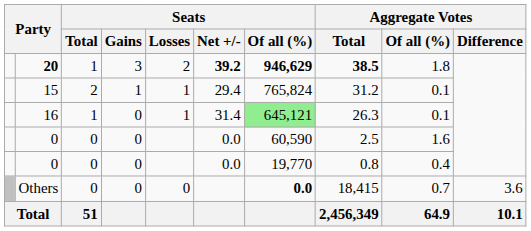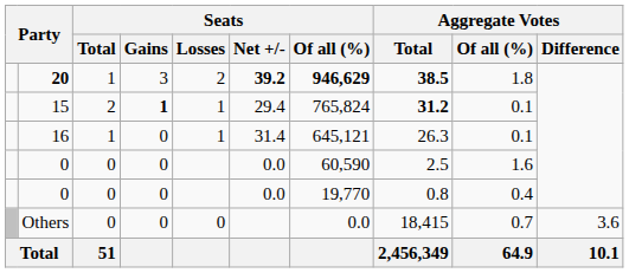 <table class="wikitable sortable" style="text-align:right; font-size:95%;">
 <tr>
 <th colspan="2" rowspan="2">Party</th>
 <th colspan="5">Seats</th>
 <th colspan="3">Aggregate Votes</th>
 </tr>
 <tr>
 <th>Total</th>
 <th>Gains</th>
 <th>Losses</th>
 <th>Net +/-</th>
 <th>Of all (%)</th>
 <th>Total</th>
 <th>Of all (%)</th>
 <th>Difference</th>
 </tr>
 <tr>
 <td></td>
 <td><strong>20</strong></td>
 <td>1</td>
 <td>3</td>
 <td>2</td>
 <td><strong>39.2</strong></td>
 <td><strong>946,629</strong></td>
 <td><strong>38.5</strong></td>
 <td>1.8</td>
 </tr>
 <tr>
 <td></td>
 <td>15</td>
 <td>2</td>
-<td>1</td>
+<td><strong>1</strong></td>
 <td>1</td>
 <td>29.4</td>
 <td>765,824</td>
-<td>31.2</td>
+<td><strong>31.2</strong></td>
 <td>0.1</td>
 </tr>
 <tr>
 <td></td>
 <td>16</td>
 <td>1</td>
 <td>0</td>
 <td>1</td>
 <td>31.4</td>
-<td style="background: lightgreen;">645,121</td>
+<td>645,121</td>
 <td>26.3</td>
 <td>0.1</td>
 </tr>
 <tr>
 <td></td>
 <td>0</td>
 <td>0</td>
 <td>0</td>
 <td></td>
 <td>0.0</td>
 <td>60,590</td>
 <td>2.5</td>
 <td>1.6</td>
 </tr>
 <tr>
 <td></td>
 <td>0</td>
 <td>0</td>
 <td>0</td>
 <td></td>
 <td>0.0</td>
 <td>19,770</td>
 <td>0.8</td>
 <td>0.4</td>
 </tr>
 <tr>
 <td style="background:silver;"> </td>
 <td align=left>Others</td>
 <td>0</td>
 <td>0</td>
 <td>0</td>
 <td></td>
-<td><strong>0.0</strong></td>
+<td>0.0</td>
 <td>18,415</td>
 <td>0.7</td>
 <td>3.6</td>
 </tr>
 <tr class="sortbottom">
 <th colspan="2" style="background:#f2f2f2"><strong>Total</strong></th>
 <td style="background:#f2f2f2;"><strong>51</strong></td>
 <td style="background:#f2f2f2;"></td>
 <td style="background:#f2f2f2;"></td>
 <td style="background:#f2f2f2;"></td>
 <td style="background:#f2f2f2;"></td>
 <td style="background:#f2f2f2;"><strong>2,456,349</strong></td>
 <td style="background:#f2f2f2;"><strong>64.9</strong></td>
 <td style="background:#f2f2f2;"><strong>10.1</strong></td>
 </tr>
 </table>
